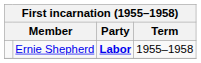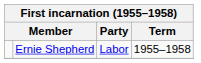 <table class="wikitable">
 <tr>
 <th colspan="4">First incarnation (1955–1958)</th>
 </tr>
 <tr>
 <th colspan="2">Member</th>
 <th>Party</th>
 <th>Term</th>
 </tr>
 <tr>
 <td> </td>
 <td><a href='#'>Ernie Shepherd</a></td>
-<td><strong><a href='#'>Labor</a></strong></td>
+<td><a href='#'>Labor</a></td>
 <td>1955–1958</td>
 </tr>
 <tr>
 </tr>
 </table>
